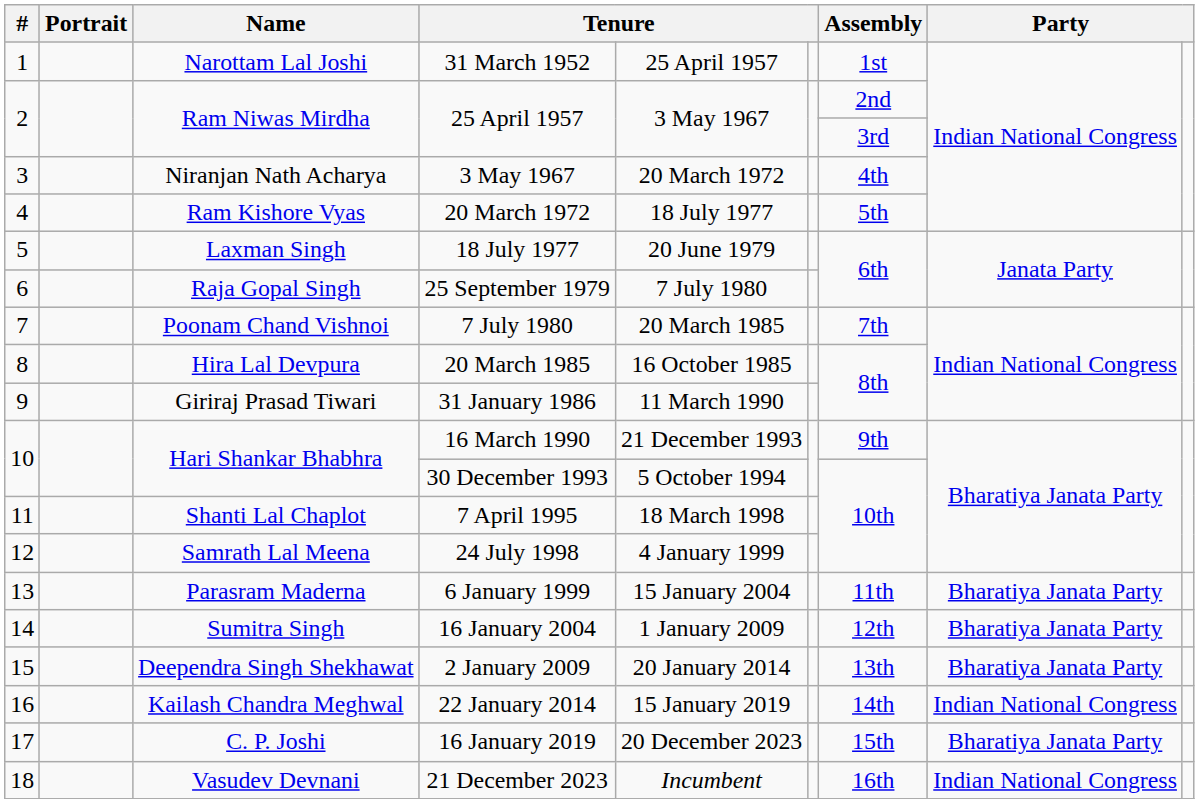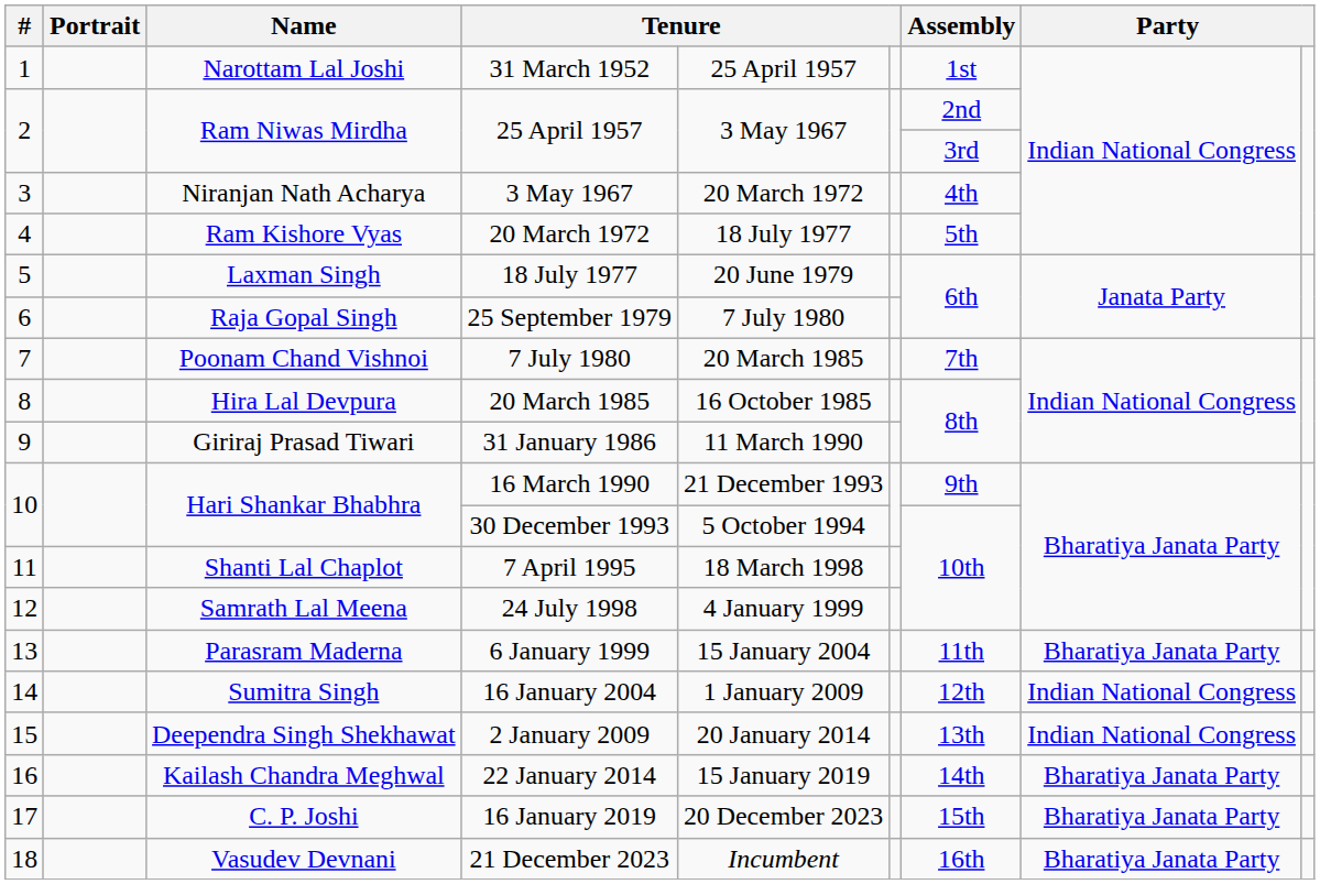 <table class="wikitable sortable" style="text-align:center;">
 <tr>
 <th>#</th>
 <th>Portrait</th>
 <th>Name</th>
 <th colspan="3">Tenure</th>
 <th>Assembly</th>
 <th colspan="2">Party</th>
 </tr>
 <tr>
 <td>1</td>
 <td></td>
 <td><a href='#'>Narottam Lal Joshi</a></td>
 <td>31 March 1952</td>
 <td>25 April 1957</td>
 <td></td>
 <td><a href='#'>1st</a></td>
 <td rowspan="5"><a href='#'>Indian National Congress</a></td>
 <td rowspan="5" style="background-color: "></td>
 </tr>
 <tr>
 <td rowspan="2">2</td>
 <td rowspan="2"></td>
 <td rowspan="2"><a href='#'>Ram Niwas Mirdha</a></td>
 <td rowspan="2">25 April 1957</td>
 <td rowspan="2">3 May 1967</td>
 <td rowspan="2"></td>
 <td><a href='#'>2nd</a></td>
 </tr>
 <tr>
 <td><a href='#'>3rd</a></td>
 </tr>
 <tr>
 <td>3</td>
 <td></td>
 <td>Niranjan Nath Acharya</td>
 <td>3 May 1967</td>
 <td>20 March 1972</td>
 <td></td>
 <td><a href='#'>4th</a></td>
 </tr>
 <tr>
 <td>4</td>
 <td></td>
 <td><a href='#'>Ram Kishore Vyas</a></td>
 <td>20 March 1972</td>
 <td>18 July 1977</td>
 <td></td>
 <td><a href='#'>5th</a></td>
 </tr>
 <tr>
 <td>5</td>
 <td></td>
 <td><a href='#'>Laxman Singh</a></td>
 <td>18 July 1977</td>
 <td>20 June 1979</td>
 <td></td>
 <td rowspan="2"><a href='#'>6th</a></td>
 <td rowspan="2"><a href='#'>Janata Party</a></td>
 <td rowspan="2" style="background-color: "></td>
 </tr>
 <tr>
 <td>6</td>
 <td></td>
 <td><a href='#'>Raja Gopal Singh</a></td>
 <td>25 September 1979</td>
 <td>7 July 1980</td>
 <td></td>
 </tr>
 <tr>
 <td>7</td>
 <td></td>
 <td><a href='#'>Poonam Chand Vishnoi</a></td>
 <td>7 July 1980</td>
 <td>20 March 1985</td>
 <td></td>
 <td><a href='#'>7th</a></td>
 <td rowspan="3"><a href='#'>Indian National Congress</a></td>
 <td rowspan="3" style="background-color: "></td>
 </tr>
 <tr>
 <td>8</td>
 <td></td>
 <td><a href='#'>Hira Lal Devpura</a></td>
 <td>20 March 1985</td>
 <td>16 October 1985</td>
 <td></td>
 <td rowspan="2"><a href='#'>8th</a></td>
 </tr>
 <tr>
 <td>9</td>
 <td></td>
 <td>Giriraj Prasad Tiwari</td>
 <td>31 January 1986</td>
 <td>11 March 1990</td>
 <td></td>
 </tr>
 <tr>
 <td rowspan="2">10</td>
 <td rowspan="2"></td>
 <td rowspan="2"><a href='#'>Hari Shankar Bhabhra</a></td>
 <td>16 March 1990</td>
 <td>21 December 1993</td>
 <td rowspan="2"></td>
 <td><a href='#'>9th</a></td>
 <td rowspan="4"><a href='#'>Bharatiya Janata Party</a></td>
 <td rowspan="4" style="background-color: "></td>
 </tr>
 <tr>
 <td>30 December 1993</td>
 <td>5 October 1994</td>
 <td rowspan="3"><a href='#'>10th</a></td>
 </tr>
 <tr>
 <td>11</td>
 <td></td>
 <td><a href='#'>Shanti Lal Chaplot</a></td>
 <td>7 April 1995</td>
 <td>18 March 1998</td>
 <td></td>
 </tr>
 <tr>
 <td>12</td>
 <td></td>
 <td><a href='#'>Samrath Lal Meena</a></td>
 <td>24 July 1998</td>
 <td>4 January 1999</td>
 <td></td>
 </tr>
 <tr>
 <td>13</td>
 <td></td>
 <td><a href='#'>Parasram Maderna</a></td>
 <td>6 January 1999</td>
 <td>15 January 2004</td>
 <td></td>
 <td><a href='#'>11th</a></td>
 <td><a href='#'>Bharatiya Janata Party</a></td>
 <td style="background-color: "></td>
 </tr>
 <tr>
 <td>14</td>
 <td></td>
 <td><a href='#'>Sumitra Singh</a></td>
 <td>16 January 2004</td>
 <td>1 January 2009</td>
 <td></td>
 <td><a href='#'>12th</a></td>
-<td><a href='#'>Bharatiya Janata Party</a></td>
+<td><a href='#'>Indian National Congress</a></td>
 <td style="background-color: "></td>
 </tr>
 <tr>
 <td>15</td>
 <td></td>
 <td><a href='#'>Deependra Singh Shekhawat</a></td>
 <td>2 January 2009</td>
 <td>20 January 2014</td>
 <td></td>
 <td><a href='#'>13th</a></td>
-<td><a href='#'>Bharatiya Janata Party</a></td>
+<td><a href='#'>Indian National Congress</a></td>
 <td style="background-color: "></td>
 </tr>
 <tr>
 <td>16</td>
 <td></td>
 <td><a href='#'>Kailash Chandra Meghwal</a></td>
 <td>22 January 2014</td>
 <td>15 January 2019</td>
 <td></td>
 <td><a href='#'>14th</a></td>
-<td><a href='#'>Indian National Congress</a></td>
+<td><a href='#'>Bharatiya Janata Party</a></td>
 <td style="background-color: "></td>
 </tr>
 <tr>
 <td>17</td>
 <td></td>
 <td><a href='#'>C. P. Joshi</a></td>
 <td>16 January 2019</td>
 <td>20 December 2023</td>
 <td></td>
 <td><a href='#'>15th</a></td>
 <td><a href='#'>Bharatiya Janata Party</a></td>
 <td style="background-color: "></td>
 </tr>
 <tr>
 <td>18</td>
 <td></td>
 <td><a href='#'>Vasudev Devnani</a></td>
 <td>21 December 2023</td>
 <td><em>Incumbent</em></td>
 <td></td>
 <td><a href='#'>16th</a></td>
-<td><a href='#'>Indian National Congress</a></td>
+<td><a href='#'>Bharatiya Janata Party</a></td>
 <td style="background-color: "></td>
 </tr>
 <tr>
 </tr>
 </table>
